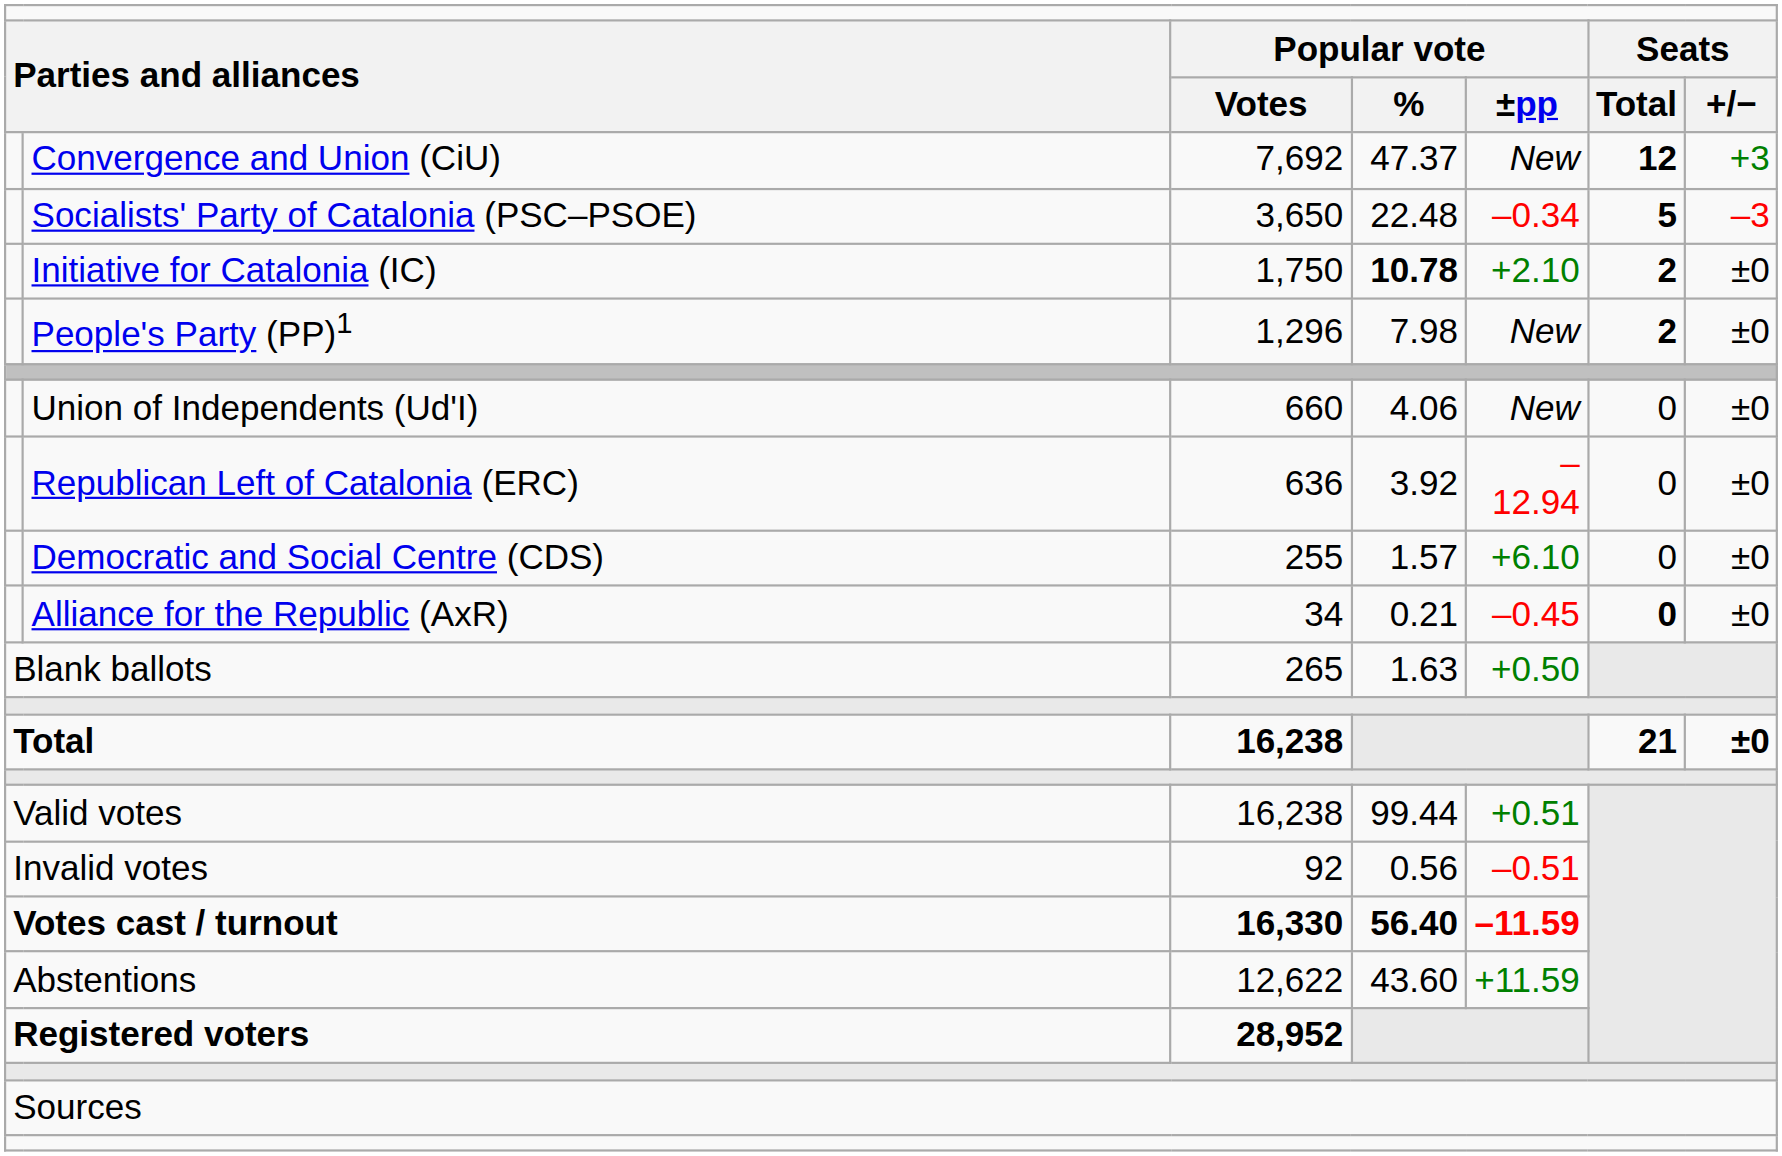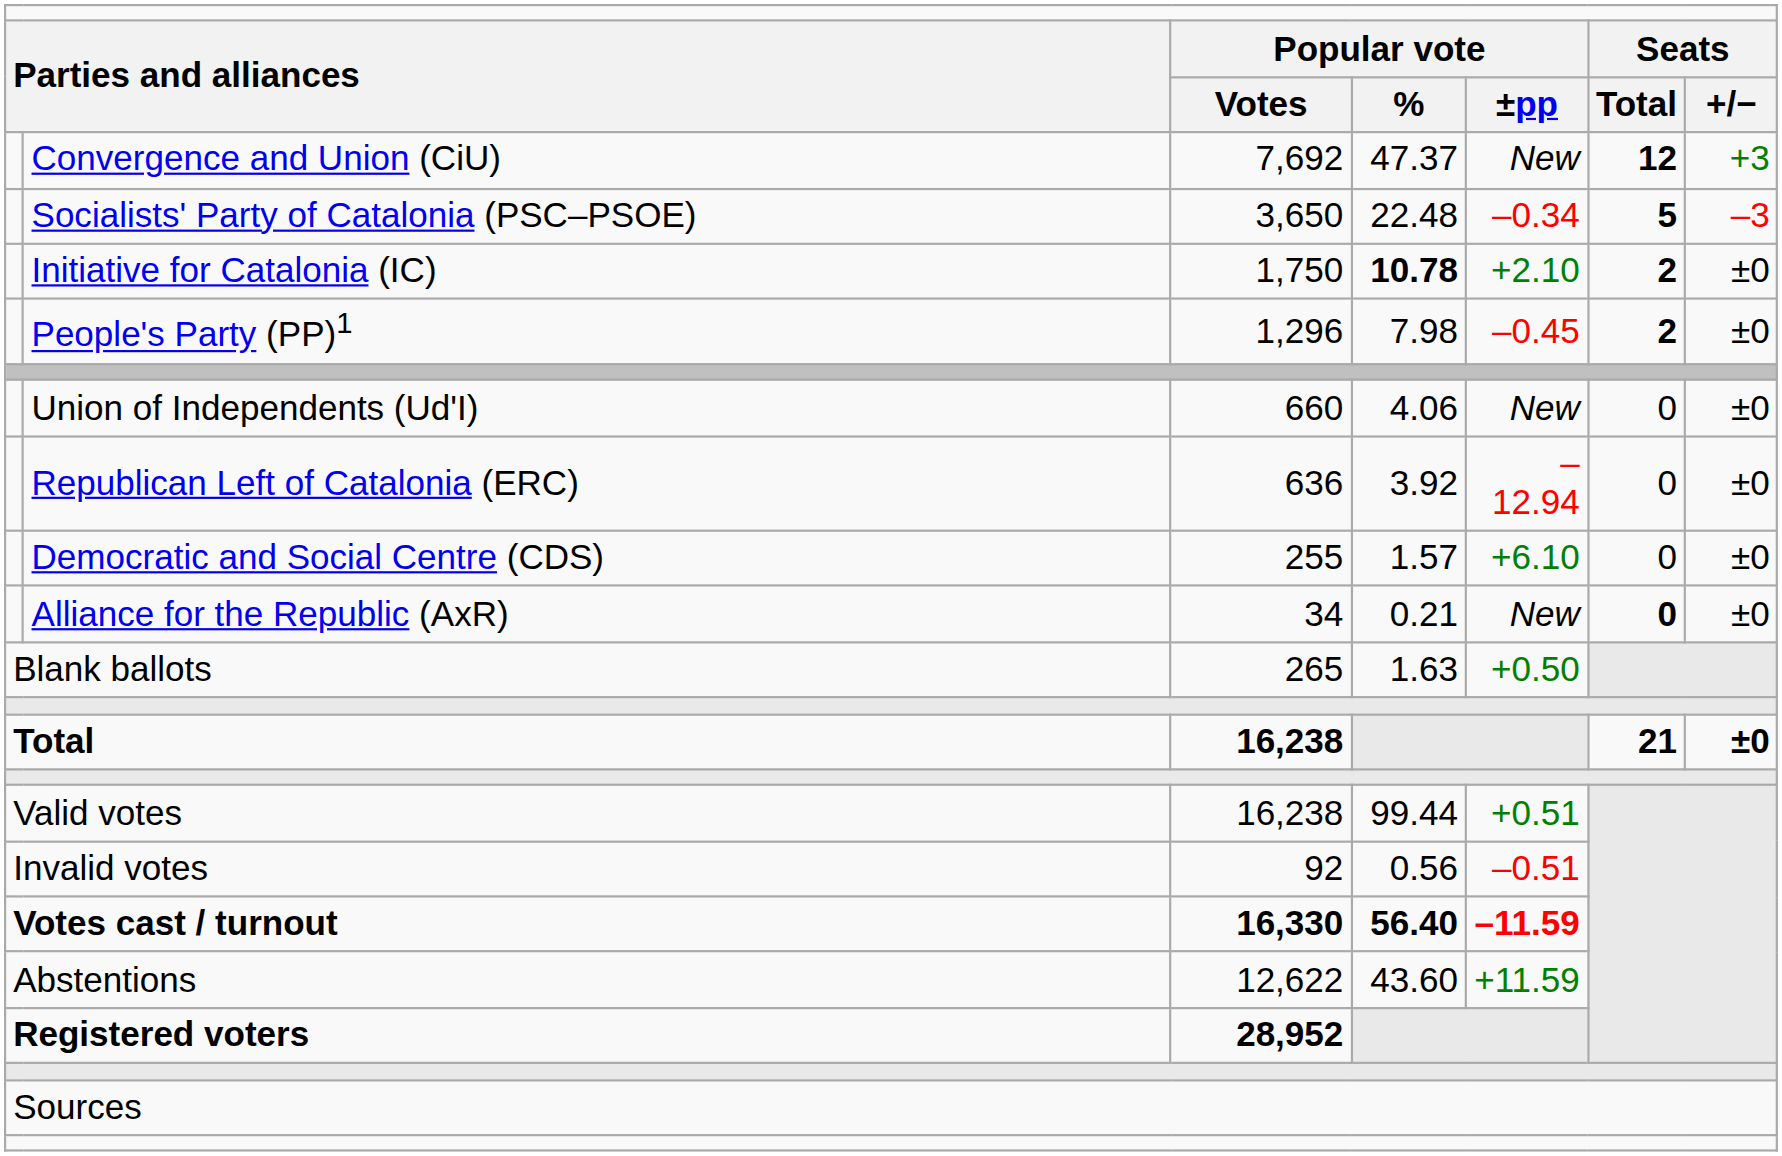 <table class="wikitable" style="text-align:right;">
 <tr>
 <td colspan="7"></td>
 </tr>
 <tr>
 <th style="text-align:left;" rowspan="2" colspan="2" width="525">Parties and alliances</th>
 <th colspan="3">Popular vote</th>
 <th colspan="2">Seats</th>
 </tr>
 <tr>
 <th width="75">Votes</th>
 <th width="45">%</th>
 <th width="45">±<a href='#'>pp</a></th>
 <th width="35">Total</th>
 <th width="35">+/−</th>
 </tr>
 <tr>
 <td width="1" style="color:inherit;background:"></td>
 <td align="left"><a href='#'>Convergence and Union</a> (CiU)</td>
 <td>7,692</td>
 <td>47.37</td>
 <td><em>New</em></td>
 <td><strong>12</strong></td>
 <td style="color:green;">+3</td>
 </tr>
 <tr>
 <td style="color:inherit;background:"></td>
 <td align="left"><a href='#'>Socialists' Party of Catalonia</a> (PSC–PSOE)</td>
 <td>3,650</td>
 <td>22.48</td>
 <td style="color:red;">–0.34</td>
 <td><strong>5</strong></td>
 <td style="color:red;">–3</td>
 </tr>
 <tr>
 <td style="color:inherit;background:"></td>
 <td align="left"><a href='#'>Initiative for Catalonia</a> (IC)</td>
 <td>1,750</td>
 <td><strong>10.78</strong></td>
 <td style="color:green;">+2.10</td>
 <td><strong>2</strong></td>
 <td>±0</td>
 </tr>
 <tr>
 <td style="color:inherit;background:"></td>
 <td align="left"><a href='#'>People's Party</a> (PP)<sup>1</sup></td>
 <td>1,296</td>
 <td>7.98</td>
-<td><em>New</em></td>
+<td style="color:red;">–0.45</td>
 <td><strong>2</strong></td>
 <td>±0</td>
 </tr>
 <tr>
 <td colspan="7" style="color:inherit;background:#C0C0C0"></td>
 </tr>
 <tr>
 <td style="color:inherit;background:"></td>
 <td align="left">Union of Independents (Ud'I)</td>
 <td>660</td>
 <td>4.06</td>
 <td><em>New</em></td>
 <td>0</td>
 <td>±0</td>
 </tr>
 <tr>
 <td style="color:inherit;background:"></td>
 <td align="left"><a href='#'>Republican Left of Catalonia</a> (ERC)</td>
 <td>636</td>
 <td>3.92</td>
 <td style="color:red;">–12.94</td>
 <td>0</td>
 <td>±0</td>
 </tr>
 <tr>
 <td style="color:inherit;background:"></td>
 <td align="left"><a href='#'>Democratic and Social Centre</a> (CDS)</td>
 <td>255</td>
 <td>1.57</td>
 <td style="color:green;">+6.10</td>
 <td>0</td>
 <td>±0</td>
 </tr>
 <tr>
 <td style="color:inherit;background:"></td>
 <td align="left"><a href='#'>Alliance for the Republic</a> (AxR)</td>
 <td>34</td>
 <td>0.21</td>
-<td style="color:red;">–0.45</td>
+<td><em>New</em></td>
 <td><strong>0</strong></td>
 <td>±0</td>
 </tr>
 <tr>
 <td align="left" colspan="2">Blank ballots</td>
 <td>265</td>
 <td>1.63</td>
 <td style="color:green;">+0.50</td>
 <td style="color:inherit;background:#E9E9E9" colspan="2"></td>
 </tr>
 <tr>
 <td colspan="7" style="color:inherit;background:#E9E9E9"></td>
 </tr>
 <tr style="font-weight:bold;">
 <td align="left" colspan="2">Total</td>
 <td>16,238</td>
 <td bgcolor="#E9E9E9" colspan="2"></td>
 <td>21</td>
 <td>±0</td>
 </tr>
 <tr>
 <td colspan="7" style="color:inherit;background:#E9E9E9"></td>
 </tr>
 <tr>
 <td align="left" colspan="2">Valid votes</td>
 <td>16,238</td>
 <td>99.44</td>
 <td style="color:green;">+0.51</td>
 <td bgcolor="#E9E9E9" colspan="2" rowspan="5"></td>
 </tr>
 <tr>
 <td align="left" colspan="2">Invalid votes</td>
 <td>92</td>
 <td>0.56</td>
 <td style="color:red;">–0.51</td>
 </tr>
 <tr style="font-weight:bold;">
 <td align="left" colspan="2">Votes cast / turnout</td>
 <td>16,330</td>
 <td>56.40</td>
 <td style="color:red;">–11.59</td>
 </tr>
 <tr>
 <td align="left" colspan="2">Abstentions</td>
 <td>12,622</td>
 <td>43.60</td>
 <td style="color:green;">+11.59</td>
 </tr>
 <tr style="font-weight:bold;">
 <td align="left" colspan="2">Registered voters</td>
 <td>28,952</td>
 <td bgcolor="#E9E9E9" colspan="2"></td>
 </tr>
 <tr>
 <td colspan="7" style="color:inherit;background:#E9E9E9"></td>
 </tr>
 <tr>
 <td align="left" colspan="7">Sources</td>
 </tr>
 <tr>
 <td colspan="7" style="text-align:left; max-width:790px;"></td>
 </tr>
 </table>
